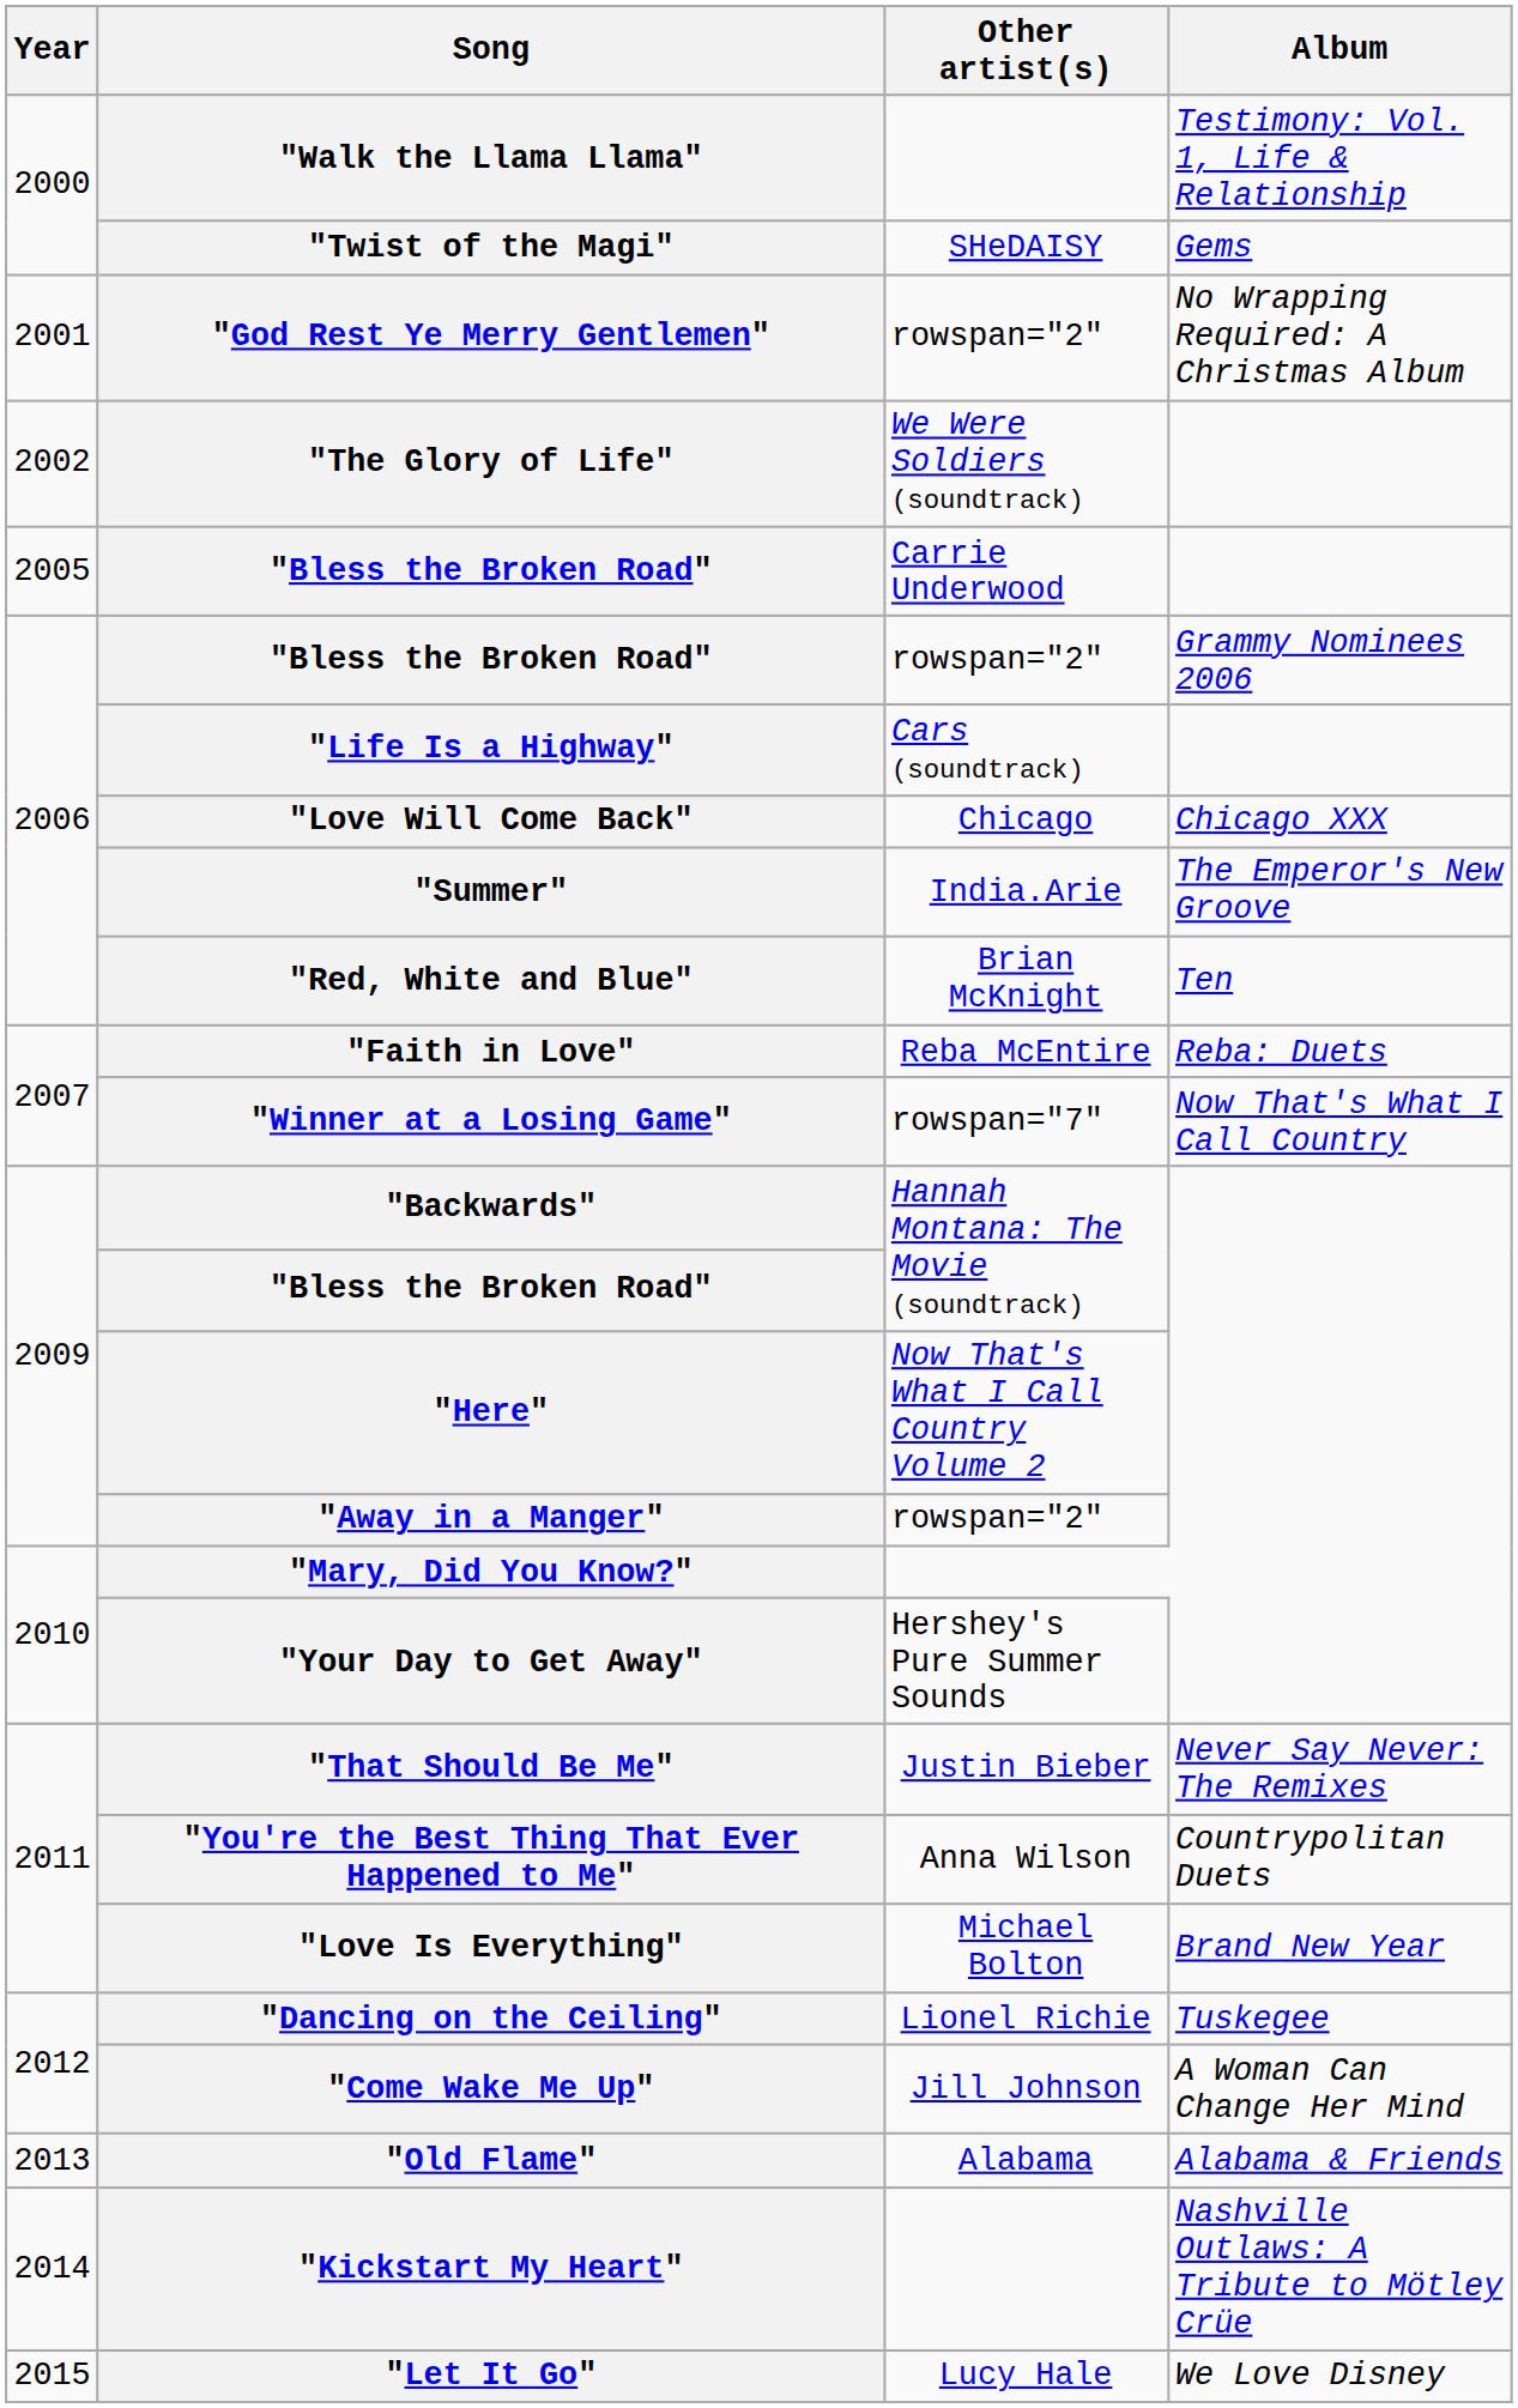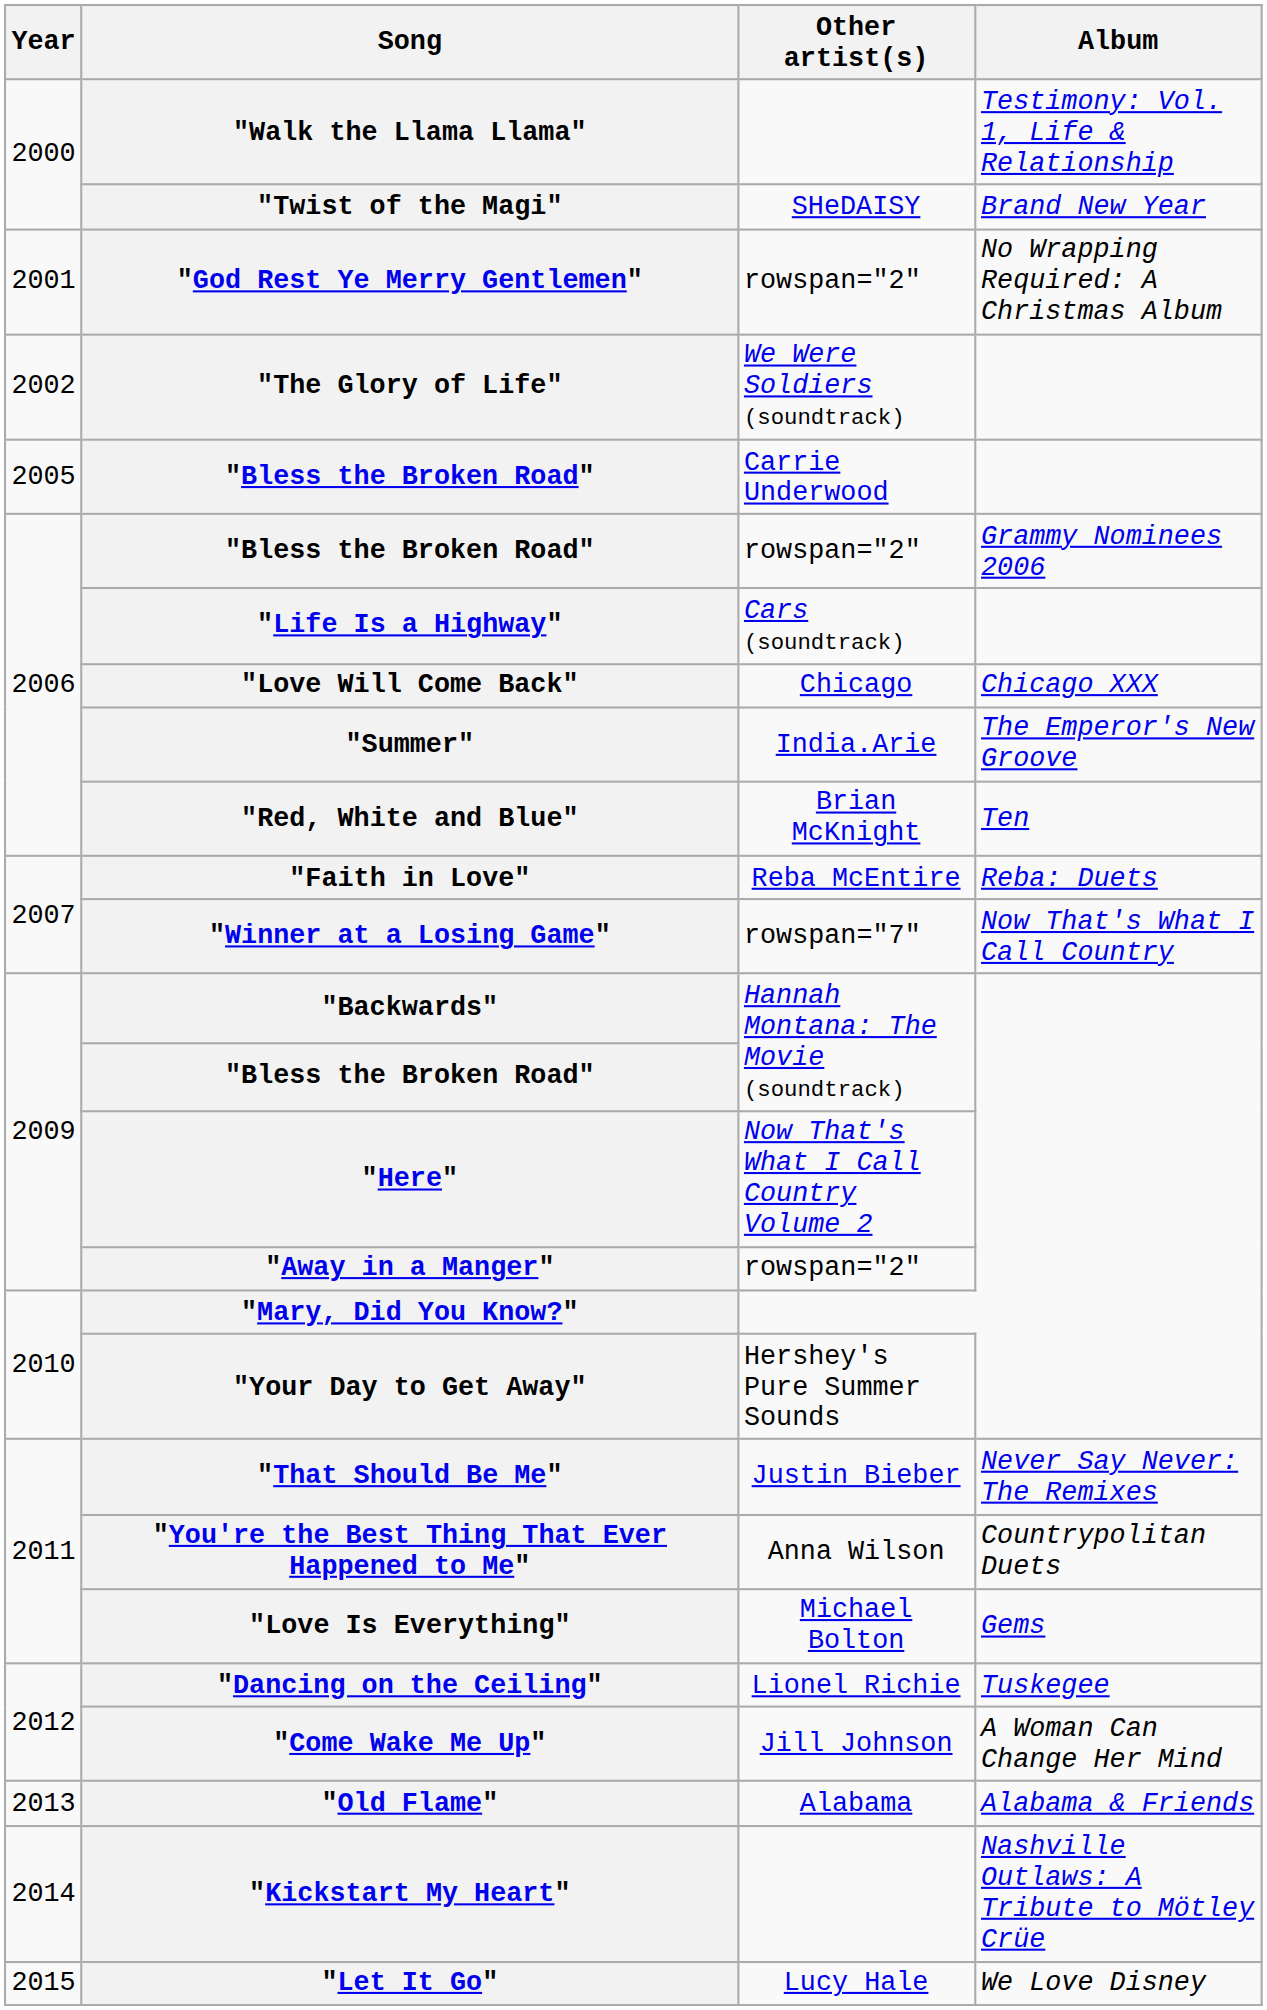 <table class="wikitable plainrowheaders">
 <tr>
 <th>Year</th>
 <th style="width:24em;">Song</th>
 <th>Other artist(s)</th>
 <th>Album</th>
 </tr>
 <tr>
 <td rowspan="2">2000</td>
 <th scope="row">"Walk the Llama Llama"</th>
 <td></td>
 <td><em><a href='#'>Testimony: Vol. 1, Life & Relationship</a></em></td>
 </tr>
 <tr>
 <th scope="row">"Twist of the Magi"</th>
 <td align="center"><a href='#'>SHeDAISY</a></td>
-<td><em><a href='#'>Gems</a></em></td>
+<td><em><a href='#'>Brand New Year</a></em></td>
 </tr>
 <tr>
 <td>2001</td>
 <th scope="row">"<a href='#'>God Rest Ye Merry Gentlemen</a>"</th>
 <td>rowspan="2" </td>
 <td><em>No Wrapping Required: A Christmas Album</em></td>
 </tr>
 <tr>
 <td>2002</td>
 <th scope="row">"The Glory of Life"</th>
 <td><em><a href='#'>We Were Soldiers</a></em> <small>(soundtrack)</small></td>
 </tr>
 <tr>
 <td>2005</td>
 <th scope="row">"<a href='#'>Bless the Broken Road</a>"</th>
 <td><a href='#'>Carrie Underwood</a></td>
 <td></td>
 </tr>
 <tr>
 <td rowspan="5">2006</td>
 <th scope="row">"Bless the Broken Road"</th>
 <td>rowspan="2" </td>
 <td><em><a href='#'>Grammy Nominees 2006</a></em></td>
 </tr>
 <tr>
 <th scope="row">"<a href='#'>Life Is a Highway</a>"</th>
 <td><em><a href='#'>Cars</a></em> <small>(soundtrack)</small></td>
 </tr>
 <tr>
 <th scope="row">"Love Will Come Back"</th>
 <td align="center"><a href='#'>Chicago</a></td>
 <td><em><a href='#'>Chicago XXX</a></em></td>
 </tr>
 <tr>
 <th scope="row">"Summer"</th>
 <td align="center"><a href='#'>India.Arie</a></td>
 <td><em><a href='#'>The Emperor's New Groove</a></em></td>
 </tr>
 <tr>
 <th scope="row">"Red, White and Blue"</th>
 <td align="center"><a href='#'>Brian McKnight</a></td>
 <td><em><a href='#'>Ten</a></em></td>
 </tr>
 <tr>
 <td rowspan="2">2007</td>
 <th scope="row">"Faith in Love"</th>
 <td align="center"><a href='#'>Reba McEntire</a></td>
 <td><em><a href='#'>Reba: Duets</a></em></td>
 </tr>
 <tr>
 <th scope="row">"<a href='#'>Winner at a Losing Game</a>"</th>
 <td>rowspan="7" </td>
 <td><em><a href='#'>Now That's What I Call Country</a></em></td>
 </tr>
 <tr>
 <td rowspan="4">2009</td>
 <th scope="row">"Backwards"</th>
 <td rowspan="2"><em><a href='#'>Hannah Montana: The Movie</a></em> <small>(soundtrack)</small></td>
 </tr>
 <tr>
 <th scope="row">"Bless the Broken Road"</th>
 </tr>
 <tr>
 <th scope="row">"<a href='#'>Here</a>"</th>
 <td><em><a href='#'>Now That's What I Call Country Volume 2</a></em></td>
 </tr>
 <tr>
 <th scope="row">"<a href='#'>Away in a Manger</a>"</th>
 <td>rowspan="2" </td>
 </tr>
 <tr>
 <td rowspan="2">2010</td>
 <th scope="row">"<a href='#'>Mary, Did You Know?</a>"</th>
 </tr>
 <tr>
 <th scope="row">"Your Day to Get Away"</th>
 <td>Hershey's Pure Summer Sounds</td>
 </tr>
 <tr>
 <td rowspan="3">2011</td>
 <th scope="row">"<a href='#'>That Should Be Me</a>"</th>
 <td align="center"><a href='#'>Justin Bieber</a></td>
 <td><em><a href='#'>Never Say Never: The Remixes</a></em></td>
 </tr>
 <tr>
 <th scope="row">"<a href='#'>You're the Best Thing That Ever Happened to Me</a>"</th>
 <td align="center">Anna Wilson</td>
 <td><em>Countrypolitan Duets</em></td>
 </tr>
 <tr>
 <th scope="row">"Love Is Everything"</th>
 <td align="center"><a href='#'>Michael Bolton</a></td>
-<td><em><a href='#'>Brand New Year</a></em></td>
+<td><em><a href='#'>Gems</a></em></td>
 </tr>
 <tr>
 <td rowspan="2">2012</td>
 <th scope="row">"<a href='#'>Dancing on the Ceiling</a>"</th>
 <td align="center"><a href='#'>Lionel Richie</a></td>
 <td><em><a href='#'>Tuskegee</a></em></td>
 </tr>
 <tr>
 <th scope="row">"<a href='#'>Come Wake Me Up</a>"</th>
 <td align="center"><a href='#'>Jill Johnson</a></td>
 <td><em>A Woman Can Change Her Mind</em></td>
 </tr>
 <tr>
 <td>2013</td>
 <th scope="row">"<a href='#'>Old Flame</a>"</th>
 <td align="center"><a href='#'>Alabama</a></td>
 <td><em><a href='#'>Alabama & Friends</a></em></td>
 </tr>
 <tr>
 <td>2014</td>
 <th scope="row">"<a href='#'>Kickstart My Heart</a>"</th>
 <td></td>
 <td><em><a href='#'>Nashville Outlaws: A Tribute to Mötley Crüe</a></em></td>
 </tr>
 <tr>
 <td>2015</td>
 <th scope="row">"<a href='#'>Let It Go</a>"</th>
 <td align="center"><a href='#'>Lucy Hale</a></td>
 <td><em>We Love Disney</em></td>
 </tr>
 <tr>
 </tr>
 </table>
